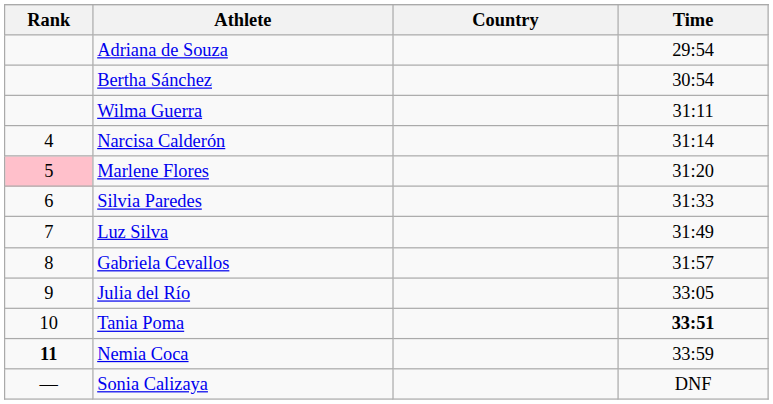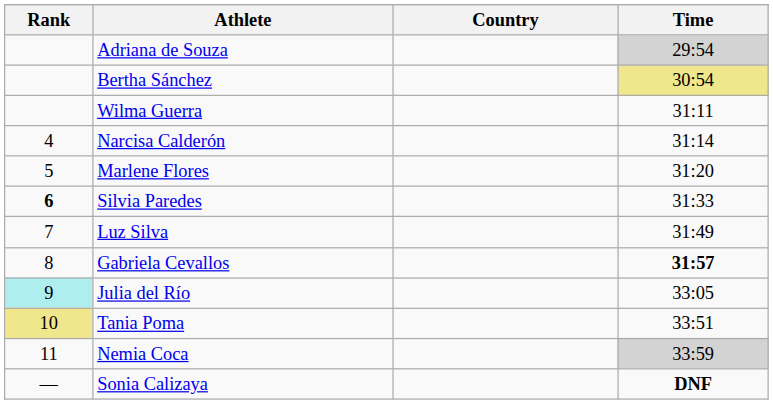 <table class="wikitable sortable" style=" text-align:center; font-size:95%;" width="50%">
 <tr>
 </tr>
 <tr>
 <th width=5%>Rank</th>
 <th width=20%>Athlete</th>
 <th width=15%>Country</th>
 <th width=10%>Time</th>
 </tr>
 <tr>
 <td align=center></td>
 <td align=left><a href='#'>Adriana de Souza</a></td>
 <td align=left></td>
-<td>29:54</td>
+<td style="background: lightgrey;">29:54</td>
 </tr>
 <tr>
 <td align=center></td>
 <td align=left><a href='#'>Bertha Sánchez</a></td>
 <td align=left></td>
-<td>30:54</td>
+<td style="background: khaki;">30:54</td>
 </tr>
 <tr>
 <td align=center></td>
 <td align=left><a href='#'>Wilma Guerra</a></td>
 <td align=left></td>
 <td>31:11</td>
 </tr>
 <tr>
 <td align=center>4</td>
 <td align=left><a href='#'>Narcisa Calderón</a></td>
 <td align=left></td>
 <td>31:14</td>
 </tr>
 <tr>
-<td align=center style="background: pink;">5</td>
+<td align=center>5</td>
 <td align=left><a href='#'>Marlene Flores</a></td>
 <td align=left></td>
 <td>31:20</td>
 </tr>
 <tr>
-<td align=center>6</td>
+<td align=center><strong>6</strong></td>
 <td align=left><a href='#'>Silvia Paredes</a></td>
 <td align=left></td>
 <td>31:33</td>
 </tr>
 <tr>
 <td align=center>7</td>
 <td align=left><a href='#'>Luz Silva</a></td>
 <td align=left></td>
 <td>31:49</td>
 </tr>
 <tr>
 <td align=center>8</td>
 <td align=left><a href='#'>Gabriela Cevallos</a></td>
 <td align=left></td>
-<td>31:57</td>
+<td><strong>31:57</strong></td>
 </tr>
 <tr>
-<td align=center>9</td>
+<td align=center style="background: paleturquoise;">9</td>
 <td align=left><a href='#'>Julia del Río</a></td>
 <td align=left></td>
 <td>33:05</td>
 </tr>
 <tr>
-<td align=center>10</td>
+<td align=center style="background: khaki;">10</td>
 <td align=left><a href='#'>Tania Poma</a></td>
 <td align=left></td>
-<td><strong>33:51</strong></td>
+<td>33:51</td>
 </tr>
 <tr>
-<td align=center><strong>11</strong></td>
+<td align=center>11</td>
 <td align=left><a href='#'>Nemia Coca</a></td>
 <td align=left></td>
-<td>33:59</td>
+<td style="background: lightgrey;">33:59</td>
 </tr>
 <tr>
 <td align=center>—</td>
 <td align=left><a href='#'>Sonia Calizaya</a></td>
 <td align=left></td>
-<td>DNF</td>
+<td><strong>DNF</strong></td>
 </tr>
 </table>
